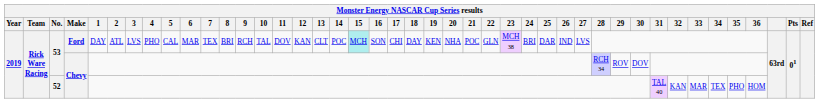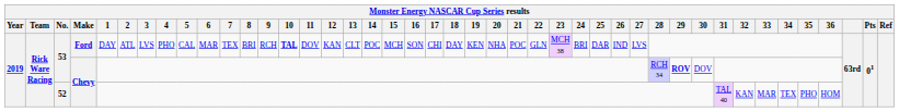 <table class="wikitable" style="text-align:center; font-size:75%">
 <tr>
 <th colspan=43><a href='#'>Monster Energy NASCAR Cup Series</a> results</th>
 </tr>
 <tr>
 <th>Year</th>
 <th>Team</th>
 <th>No.</th>
 <th>Make</th>
 <th>1</th>
 <th>2</th>
 <th>3</th>
 <th>4</th>
 <th>5</th>
 <th>6</th>
 <th>7</th>
 <th>8</th>
 <th>9</th>
 <th>10</th>
 <th>11</th>
 <th>12</th>
 <th>13</th>
 <th>14</th>
 <th>15</th>
 <th>16</th>
 <th>17</th>
 <th>18</th>
 <th>19</th>
 <th>20</th>
 <th>21</th>
 <th>22</th>
 <th>23</th>
 <th>24</th>
 <th>25</th>
 <th>26</th>
 <th>27</th>
 <th>28</th>
 <th>29</th>
 <th>30</th>
 <th>31</th>
 <th>32</th>
 <th>33</th>
 <th>34</th>
 <th>35</th>
 <th>36</th>
 <th></th>
 <th>Pts</th>
 <th>Ref</th>
 </tr>
 <tr>
 <th rowspan=3><a href='#'>2019</a></th>
 <th rowspan=3><a href='#'>Rick Ware Racing</a></th>
 <th rowspan=2>53</th>
 <th><a href='#'>Ford</a></th>
 <td><a href='#'>DAY</a></td>
 <td><a href='#'>ATL</a></td>
 <td><a href='#'>LVS</a></td>
 <td><a href='#'>PHO</a></td>
 <td><a href='#'>CAL</a></td>
 <td><a href='#'>MAR</a></td>
 <td><a href='#'>TEX</a></td>
 <td><a href='#'>BRI</a></td>
 <td><a href='#'>RCH</a></td>
-<td><a href='#'>TAL</a></td>
+<td><strong><a href='#'>TAL</a></strong></td>
 <td><a href='#'>DOV</a></td>
 <td><a href='#'>KAN</a></td>
 <td><a href='#'>CLT</a></td>
 <td><a href='#'>POC</a></td>
-<td style="background: paleturquoise;"><a href='#'>MCH</a></td>
+<td><a href='#'>MCH</a></td>
 <td><a href='#'>SON</a></td>
 <td><a href='#'>CHI</a></td>
 <td><a href='#'>DAY</a></td>
 <td><a href='#'>KEN</a></td>
 <td><a href='#'>NHA</a></td>
 <td><a href='#'>POC</a></td>
 <td><a href='#'>GLN</a></td>
 <td style="background:#EFCFFF;"><a href='#'>MCH</a><br><small>38</small></td>
 <td><a href='#'>BRI</a></td>
 <td><a href='#'>DAR</a></td>
 <td><a href='#'>IND</a></td>
 <td><a href='#'>LVS</a></td>
 <td colspan=9></td>
 <th rowspan=3>63rd</th>
 <th rowspan=3>0<sup>1</sup></th>
 <th rowspan=3></th>
 </tr>
 <tr>
 <th rowspan=2><a href='#'>Chevy</a></th>
 <td colspan=27></td>
 <td style="background:#CFCFFF;"><a href='#'>RCH</a><br><small>34</small></td>
-<td><a href='#'>ROV</a></td>
+<td><strong><a href='#'>ROV</a></strong></td>
 <td><a href='#'>DOV</a></td>
 <td colspan=6></td>
 </tr>
 <tr>
 <th>52</th>
 <td colspan=30></td>
 <td style="background:#EFCFFF;"><a href='#'>TAL</a><br><small>40</small></td>
 <td><a href='#'>KAN</a></td>
 <td><a href='#'>MAR</a></td>
 <td><a href='#'>TEX</a></td>
 <td><a href='#'>PHO</a></td>
 <td><a href='#'>HOM</a></td>
 </tr>
 </table>
